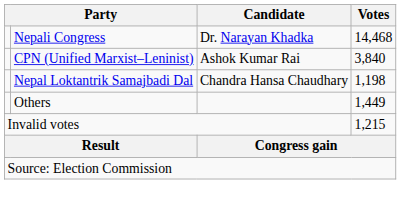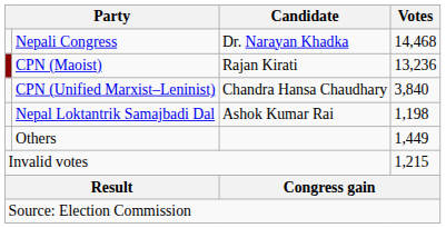 <table class="wikitable">
 <tr>
 <th colspan="2">Party</th>
 <th>Candidate</th>
 <th>Votes</th>
 </tr>
 <tr>
 <td style="background-color:"></td>
 <td><a href='#'>Nepali Congress</a></td>
 <td>Dr. <a href='#'>Narayan Khadka</a></td>
 <td>14,468</td>
 </tr>
 <tr>
+<td style="background-color:darkred"></td>
+<td><a href='#'>CPN (Maoist)</a></td>
+<td>Rajan Kirati</td>
+<td>13,236</td>
+</tr>
+<tr>
 <td style="background-color:"></td>
 <td><a href='#'>CPN (Unified Marxist–Leninist)</a></td>
-<td>Ashok Kumar Rai</td>
+<td>Chandra Hansa Chaudhary</td>
 <td>3,840</td>
 </tr>
 <tr>
 <td></td>
 <td><a href='#'>Nepal Loktantrik Samajbadi Dal</a></td>
-<td>Chandra Hansa Chaudhary</td>
+<td>Ashok Kumar Rai</td>
 <td>1,198</td>
 </tr>
 <tr>
 <td></td>
 <td>Others</td>
 <td></td>
 <td>1,449</td>
 </tr>
 <tr>
 <td colspan="3">Invalid votes</td>
 <td>1,215</td>
 </tr>
 <tr>
 <th colspan="2">Result</th>
 <th colspan="2">Congress gain</th>
 </tr>
 <tr>
 <td colspan="4">Source: Election Commission</td>
 </tr>
 </table>
